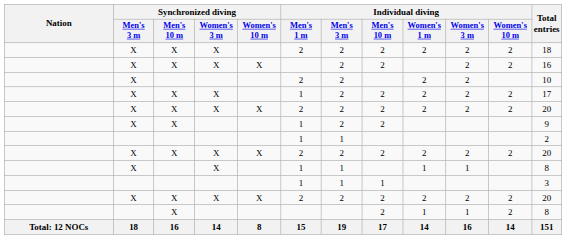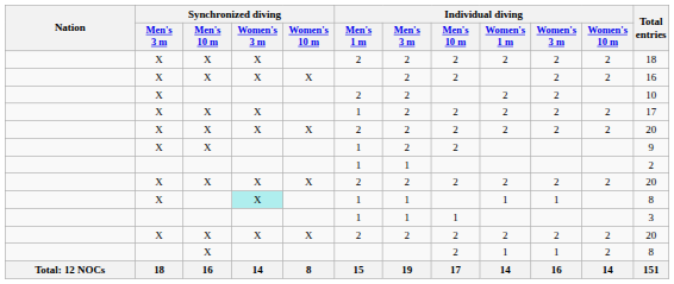 <table class="wikitable" width=900 style="text-align:center; font-size:90%">
 <tr>
 <th rowspan="2" style="text-align:center;" width=200>Nation</th>
 <th colspan="4">Synchronized diving</th>
 <th colspan="6">Individual diving</th>
 <th rowspan=2>Total<br>entries</th>
 </tr>
 <tr style="font-size:95%">
 <th width=65><a href='#'>Men's<br>3 m</a></th>
 <th width=65><a href='#'>Men's<br>10 m</a></th>
 <th width=65><a href='#'>Women's<br>3 m</a></th>
 <th width=65><a href='#'>Women's<br>10 m</a></th>
 <th width=65><a href='#'>Men's<br>1 m</a></th>
 <th width=65><a href='#'>Men's<br>3 m</a></th>
 <th width=65><a href='#'>Men's<br>10 m</a></th>
 <th width=65><a href='#'>Women's<br>1 m</a></th>
 <th width=65><a href='#'>Women's<br>3 m</a></th>
 <th width=65><a href='#'>Women's<br>10 m</a></th>
 </tr>
 <tr>
 <td style="text-align:left;"></td>
 <td>X</td>
 <td>X</td>
 <td>X</td>
 <td></td>
 <td>2</td>
 <td>2</td>
 <td>2</td>
 <td>2</td>
 <td>2</td>
 <td>2</td>
 <td>18</td>
 </tr>
 <tr>
 <td style="text-align:left;"></td>
 <td>X</td>
 <td>X</td>
 <td>X</td>
 <td>X</td>
 <td></td>
 <td>2</td>
 <td>2</td>
 <td></td>
 <td>2</td>
 <td>2</td>
 <td>16</td>
 </tr>
 <tr>
 <td style="text-align:left;"></td>
 <td>X</td>
 <td></td>
 <td></td>
 <td></td>
 <td>2</td>
 <td>2</td>
 <td></td>
 <td>2</td>
 <td>2</td>
 <td></td>
 <td>10</td>
 </tr>
 <tr>
 <td style="text-align:left;"></td>
 <td>X</td>
 <td>X</td>
 <td>X</td>
 <td></td>
 <td>1</td>
 <td>2</td>
 <td>2</td>
 <td>2</td>
 <td>2</td>
 <td>2</td>
 <td>17</td>
 </tr>
 <tr>
 <td style="text-align:left;"></td>
 <td>X</td>
 <td>X</td>
 <td>X</td>
 <td>X</td>
 <td>2</td>
 <td>2</td>
 <td>2</td>
 <td>2</td>
 <td>2</td>
 <td>2</td>
 <td>20</td>
 </tr>
 <tr>
 <td style="text-align:left;"></td>
 <td>X</td>
 <td>X</td>
 <td></td>
 <td></td>
 <td>1</td>
 <td>2</td>
 <td>2</td>
 <td></td>
 <td></td>
 <td></td>
 <td>9</td>
 </tr>
 <tr>
 <td style="text-align:left;"></td>
 <td></td>
 <td></td>
 <td></td>
 <td></td>
 <td>1</td>
 <td>1</td>
 <td></td>
 <td></td>
 <td></td>
 <td></td>
 <td>2</td>
 </tr>
 <tr>
 <td style="text-align:left;"></td>
 <td>X</td>
 <td>X</td>
 <td>X</td>
 <td>X</td>
 <td>2</td>
 <td>2</td>
 <td>2</td>
 <td>2</td>
 <td>2</td>
 <td>2</td>
 <td>20</td>
 </tr>
 <tr>
 <td style="text-align:left;"></td>
 <td>X</td>
 <td></td>
-<td>X</td>
+<td style="background: paleturquoise;">X</td>
 <td></td>
 <td>1</td>
 <td>1</td>
 <td></td>
 <td>1</td>
 <td>1</td>
 <td></td>
 <td>8</td>
 </tr>
 <tr>
 <td style="text-align:left;"></td>
 <td></td>
 <td></td>
 <td></td>
 <td></td>
 <td>1</td>
 <td>1</td>
 <td>1</td>
 <td></td>
 <td></td>
 <td></td>
 <td>3</td>
 </tr>
 <tr>
 <td style="text-align:left;"></td>
 <td>X</td>
 <td>X</td>
 <td>X</td>
 <td>X</td>
 <td>2</td>
 <td>2</td>
 <td>2</td>
 <td>2</td>
 <td>2</td>
 <td>2</td>
 <td>20</td>
 </tr>
 <tr>
 <td style="text-align:left;"></td>
 <td></td>
 <td>X</td>
 <td></td>
 <td></td>
 <td></td>
 <td></td>
 <td>2</td>
 <td>1</td>
 <td>1</td>
 <td>2</td>
 <td>8</td>
 </tr>
 <tr>
 <th>Total: 12 NOCs</th>
 <th>18</th>
 <th>16</th>
 <th>14</th>
 <th>8</th>
 <th>15</th>
 <th>19</th>
 <th>17</th>
 <th>14</th>
 <th>16</th>
 <th>14</th>
 <th>151</th>
 </tr>
 </table>
